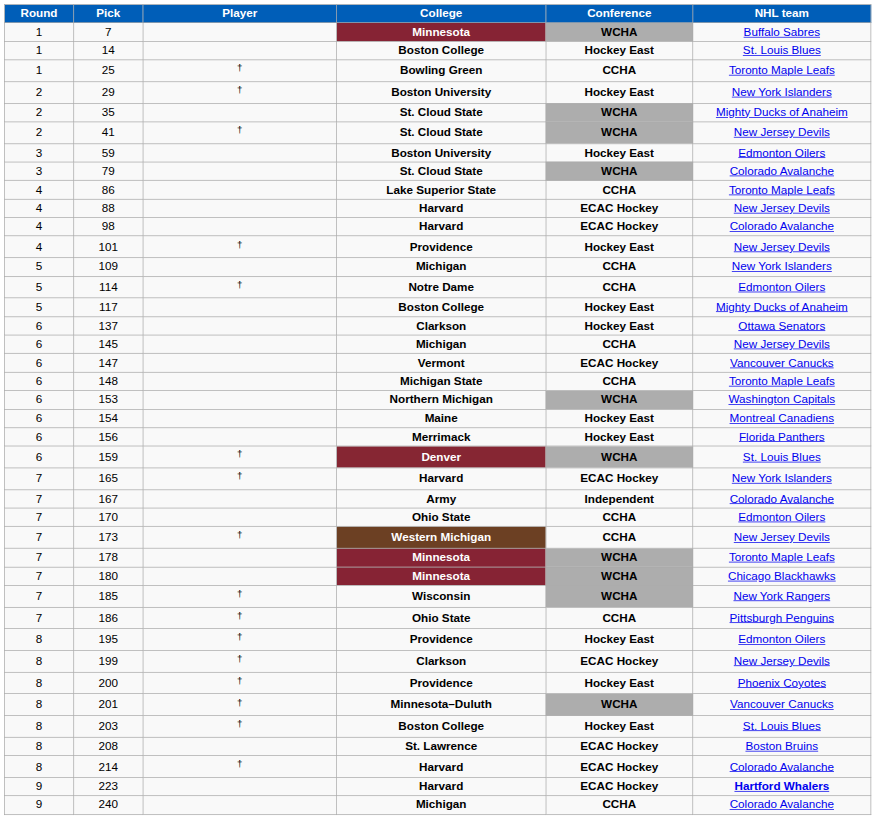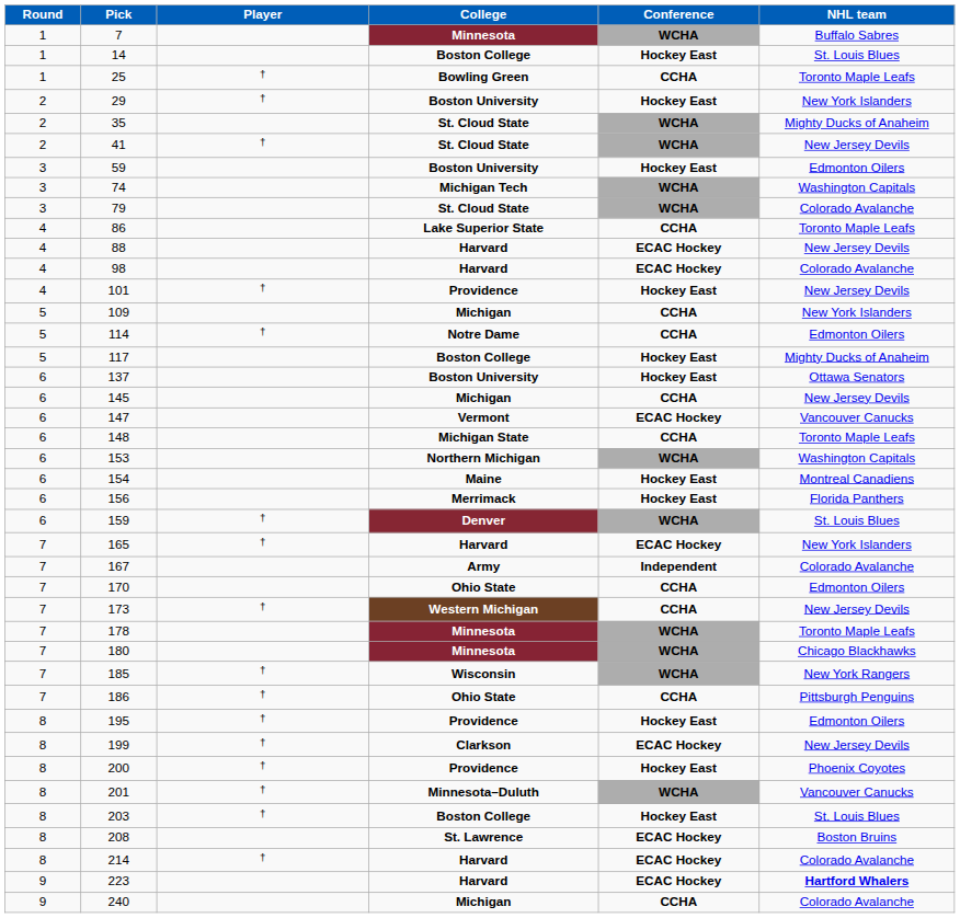 <table class="wikitable sortable" width="75%">
 <tr>
 <th style="color:white; background-color:#005EB8; width: 4em;">Round</th>
 <th style="color:white; background-color:#005EB8; width: 4em;">Pick</th>
 <th style="color:white; background-color:#005EB8; width: 12em;">Player</th>
 <th style="color:white; background-color:#005EB8; width: 13em;">College</th>
 <th style="color:white; background-color:#005EB8; width: 9em;">Conference</th>
 <th style="color:white; background-color:#005EB8; width: 11em;">NHL team</th>
 </tr>
 <tr align="center" bgcolor="">
 <td>1</td>
 <td>7</td>
 <td></td>
 <td style="color:white; background:#862334; "><strong>Minnesota</strong></td>
 <td style="color:black; background:#ADADAD; "><strong>WCHA</strong></td>
 <td><a href='#'>Buffalo Sabres</a></td>
 </tr>
 <tr align="center" bgcolor="">
 <td>1</td>
 <td>14</td>
 <td></td>
 <td><strong>Boston College</strong></td>
 <td><strong>Hockey East</strong></td>
 <td><a href='#'>St. Louis Blues</a></td>
 </tr>
 <tr align="center" bgcolor="">
 <td>1</td>
 <td>25</td>
 <td> <sup>†</sup></td>
 <td><strong>Bowling Green</strong></td>
 <td><strong>CCHA</strong></td>
 <td><a href='#'>Toronto Maple Leafs</a></td>
 </tr>
 <tr align="center" bgcolor="">
 <td>2</td>
 <td>29</td>
 <td> <sup>†</sup></td>
 <td><strong>Boston University</strong></td>
 <td><strong>Hockey East</strong></td>
 <td><a href='#'>New York Islanders</a></td>
 </tr>
 <tr align="center" bgcolor="">
 <td>2</td>
 <td>35</td>
 <td></td>
 <td><strong>St. Cloud State</strong></td>
 <td style="color:black; background:#ADADAD; "><strong>WCHA</strong></td>
 <td><a href='#'>Mighty Ducks of Anaheim</a></td>
 </tr>
 <tr align="center" bgcolor="">
 <td>2</td>
 <td>41</td>
 <td> <sup>†</sup></td>
 <td><strong>St. Cloud State</strong></td>
 <td style="color:black; background:#ADADAD; "><strong>WCHA</strong></td>
 <td><a href='#'>New Jersey Devils</a></td>
 </tr>
 <tr align="center" bgcolor="">
 <td>3</td>
 <td>59</td>
 <td></td>
 <td><strong>Boston University</strong></td>
 <td><strong>Hockey East</strong></td>
 <td><a href='#'>Edmonton Oilers</a></td>
+</tr>
+<tr align="center" bgcolor="">
+<td>3</td>
+<td>74</td>
+<td></td>
+<td><strong>Michigan Tech</strong></td>
+<td style="color:black; background:#ADADAD; "><strong>WCHA</strong></td>
+<td><a href='#'>Washington Capitals</a></td>
 </tr>
 <tr align="center" bgcolor="">
 <td>3</td>
 <td>79</td>
 <td></td>
 <td><strong>St. Cloud State</strong></td>
 <td style="color:black; background:#ADADAD; "><strong>WCHA</strong></td>
 <td><a href='#'>Colorado Avalanche</a></td>
 </tr>
 <tr align="center" bgcolor="">
 <td>4</td>
 <td>86</td>
 <td></td>
 <td><strong>Lake Superior State</strong></td>
 <td><strong>CCHA</strong></td>
 <td><a href='#'>Toronto Maple Leafs</a></td>
 </tr>
 <tr align="center" bgcolor="">
 <td>4</td>
 <td>88</td>
 <td></td>
 <td><strong>Harvard</strong></td>
 <td><strong>ECAC Hockey</strong></td>
 <td><a href='#'>New Jersey Devils</a></td>
 </tr>
 <tr align="center" bgcolor="">
 <td>4</td>
 <td>98</td>
 <td></td>
 <td><strong>Harvard</strong></td>
 <td><strong>ECAC Hockey</strong></td>
 <td><a href='#'>Colorado Avalanche</a></td>
 </tr>
 <tr align="center" bgcolor="">
 <td>4</td>
 <td>101</td>
 <td> <sup>†</sup></td>
 <td><strong>Providence</strong></td>
 <td><strong>Hockey East</strong></td>
 <td><a href='#'>New Jersey Devils</a></td>
 </tr>
 <tr align="center" bgcolor="">
 <td>5</td>
 <td>109</td>
 <td></td>
 <td><strong>Michigan</strong></td>
 <td><strong>CCHA</strong></td>
 <td><a href='#'>New York Islanders</a></td>
 </tr>
 <tr align="center" bgcolor="">
 <td>5</td>
 <td>114</td>
 <td> <sup>†</sup></td>
 <td><strong>Notre Dame</strong></td>
 <td><strong>CCHA</strong></td>
 <td><a href='#'>Edmonton Oilers</a></td>
 </tr>
 <tr align="center" bgcolor="">
 <td>5</td>
 <td>117</td>
 <td></td>
 <td><strong>Boston College</strong></td>
 <td><strong>Hockey East</strong></td>
 <td><a href='#'>Mighty Ducks of Anaheim</a></td>
 </tr>
 <tr align="center" bgcolor="">
 <td>6</td>
 <td>137</td>
 <td></td>
-<td><strong>Clarkson</strong></td>
+<td><strong>Boston University</strong></td>
 <td><strong>Hockey East</strong></td>
 <td><a href='#'>Ottawa Senators</a></td>
 </tr>
 <tr align="center" bgcolor="">
 <td>6</td>
 <td>145</td>
 <td></td>
 <td><strong>Michigan</strong></td>
 <td><strong>CCHA</strong></td>
 <td><a href='#'>New Jersey Devils</a></td>
 </tr>
 <tr align="center" bgcolor="">
 <td>6</td>
 <td>147</td>
 <td></td>
 <td><strong>Vermont</strong></td>
 <td><strong>ECAC Hockey</strong></td>
 <td><a href='#'>Vancouver Canucks</a></td>
 </tr>
 <tr align="center" bgcolor="">
 <td>6</td>
 <td>148</td>
 <td></td>
 <td><strong>Michigan State</strong></td>
 <td><strong>CCHA</strong></td>
 <td><a href='#'>Toronto Maple Leafs</a></td>
 </tr>
 <tr align="center" bgcolor="">
 <td>6</td>
 <td>153</td>
 <td></td>
 <td><strong>Northern Michigan</strong></td>
 <td style="color:black; background:#ADADAD; "><strong>WCHA</strong></td>
 <td><a href='#'>Washington Capitals</a></td>
 </tr>
 <tr align="center" bgcolor="">
 <td>6</td>
 <td>154</td>
 <td></td>
 <td><strong>Maine</strong></td>
 <td><strong>Hockey East</strong></td>
 <td><a href='#'>Montreal Canadiens</a></td>
 </tr>
 <tr align="center" bgcolor="">
 <td>6</td>
 <td>156</td>
 <td></td>
 <td><strong>Merrimack</strong></td>
 <td><strong>Hockey East</strong></td>
 <td><a href='#'>Florida Panthers</a></td>
 </tr>
 <tr align="center" bgcolor="">
 <td>6</td>
 <td>159</td>
 <td> <sup>†</sup></td>
 <td style="color:white; background:#862633; "><strong>Denver</strong></td>
 <td style="color:black; background:#ADADAD; "><strong>WCHA</strong></td>
 <td><a href='#'>St. Louis Blues</a></td>
 </tr>
 <tr align="center" bgcolor="">
 <td>7</td>
 <td>165</td>
 <td> <sup>†</sup></td>
 <td><strong>Harvard</strong></td>
 <td><strong>ECAC Hockey</strong></td>
 <td><a href='#'>New York Islanders</a></td>
 </tr>
 <tr align="center" bgcolor="">
 <td>7</td>
 <td>167</td>
 <td></td>
 <td><strong>Army</strong></td>
 <td><strong>Independent</strong></td>
 <td><a href='#'>Colorado Avalanche</a></td>
 </tr>
 <tr align="center" bgcolor="">
 <td>7</td>
 <td>170</td>
 <td></td>
 <td><strong>Ohio State</strong></td>
 <td><strong>CCHA</strong></td>
 <td><a href='#'>Edmonton Oilers</a></td>
 </tr>
 <tr align="center" bgcolor="">
 <td>7</td>
 <td>173</td>
 <td> <sup>†</sup></td>
 <td style="color:white; background:#6C4023; "><strong>Western Michigan</strong></td>
 <td><strong>CCHA</strong></td>
 <td><a href='#'>New Jersey Devils</a></td>
 </tr>
 <tr align="center" bgcolor="">
 <td>7</td>
 <td>178</td>
 <td></td>
 <td style="color:white; background:#862334; "><strong>Minnesota</strong></td>
 <td style="color:black; background:#ADADAD; "><strong>WCHA</strong></td>
 <td><a href='#'>Toronto Maple Leafs</a></td>
 </tr>
 <tr align="center" bgcolor="">
 <td>7</td>
 <td>180</td>
 <td></td>
 <td style="color:white; background:#862334; "><strong>Minnesota</strong></td>
 <td style="color:black; background:#ADADAD; "><strong>WCHA</strong></td>
 <td><a href='#'>Chicago Blackhawks</a></td>
 </tr>
 <tr align="center" bgcolor="">
 <td>7</td>
 <td>185</td>
 <td> <sup>†</sup></td>
 <td><strong>Wisconsin</strong></td>
 <td style="color:black; background:#ADADAD; "><strong>WCHA</strong></td>
 <td><a href='#'>New York Rangers </a></td>
 </tr>
 <tr align="center" bgcolor="">
 <td>7</td>
 <td>186</td>
 <td> <sup>†</sup></td>
 <td><strong>Ohio State</strong></td>
 <td><strong>CCHA</strong></td>
 <td><a href='#'>Pittsburgh Penguins</a></td>
 </tr>
 <tr align="center" bgcolor="">
 <td>8</td>
 <td>195</td>
 <td> <sup>†</sup></td>
 <td><strong>Providence</strong></td>
 <td><strong>Hockey East</strong></td>
 <td><a href='#'>Edmonton Oilers</a></td>
 </tr>
 <tr align="center" bgcolor="">
 <td>8</td>
 <td>199</td>
 <td> <sup>†</sup></td>
 <td><strong>Clarkson</strong></td>
 <td><strong>ECAC Hockey</strong></td>
 <td><a href='#'>New Jersey Devils</a></td>
 </tr>
 <tr align="center" bgcolor="">
 <td>8</td>
 <td>200</td>
 <td> <sup>†</sup></td>
 <td><strong>Providence</strong></td>
 <td><strong>Hockey East</strong></td>
 <td><a href='#'>Phoenix Coyotes</a></td>
 </tr>
 <tr align="center" bgcolor="">
 <td>8</td>
 <td>201</td>
 <td> <sup>†</sup></td>
 <td><strong>Minnesota–Duluth</strong></td>
 <td style="color:black; background:#ADADAD; "><strong>WCHA</strong></td>
 <td><a href='#'>Vancouver Canucks</a></td>
 </tr>
 <tr align="center" bgcolor="">
 <td>8</td>
 <td>203</td>
 <td> <sup>†</sup></td>
 <td><strong>Boston College</strong></td>
 <td><strong>Hockey East</strong></td>
 <td><a href='#'>St. Louis Blues</a></td>
 </tr>
 <tr align="center" bgcolor="">
 <td>8</td>
 <td>208</td>
 <td></td>
 <td><strong>St. Lawrence</strong></td>
 <td><strong>ECAC Hockey</strong></td>
 <td><a href='#'>Boston Bruins</a></td>
 </tr>
 <tr align="center" bgcolor="">
 <td>8</td>
 <td>214</td>
 <td> <sup>†</sup></td>
 <td><strong>Harvard</strong></td>
 <td><strong>ECAC Hockey</strong></td>
 <td><a href='#'>Colorado Avalanche</a></td>
 </tr>
 <tr align="center" bgcolor="">
 <td>9</td>
 <td>223</td>
 <td></td>
 <td><strong>Harvard</strong></td>
 <td><strong>ECAC Hockey</strong></td>
 <td><strong><a href='#'>Hartford Whalers</a></strong></td>
 </tr>
 <tr align="center" bgcolor="">
 <td>9</td>
 <td>240</td>
 <td></td>
 <td><strong>Michigan</strong></td>
 <td><strong>CCHA</strong></td>
 <td><a href='#'>Colorado Avalanche</a></td>
 </tr>
 </table>
